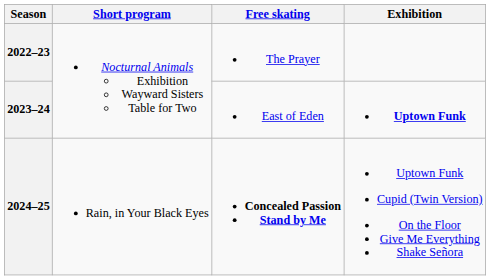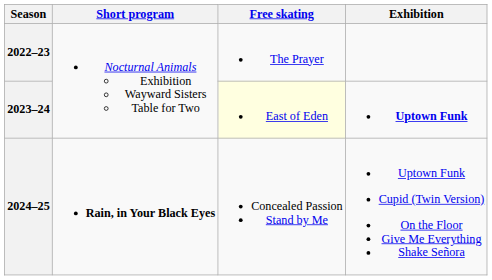 <table class="wikitable" style="text-align:center">
 <tr>
 <th>Season</th>
 <th><a href='#'>Short program</a></th>
 <th><a href='#'>Free skating</a></th>
 <th>Exhibition</th>
 </tr>
 <tr>
 <th>2022–23 <br> </th>
 <td rowspan=2><br><ul><li><em><a href='#'>Nocturnal Animals</a></em><ul><li>Exhibition</li><li>Wayward Sisters</li><li>Table for Two <br> </li></ul></li></ul></td>
 <td><br><ul><li><a href='#'>The Prayer</a> <br> </li></ul></td>
 <td></td>
 </tr>
 <tr>
 <th>2023–24 <br> </th>
-<td><br><ul><li><a href='#'>East of Eden</a> <br> </li></ul></td>
+<td style="background: lightyellow;"><br><ul><li><a href='#'>East of Eden</a> <br> </li></ul></td>
 <td><strong><br><ul><li><a href='#'>Uptown Funk</a> <br></li></ul></strong></td>
 </tr>
 <tr>
 <th>2024–25 <br> </th>
-<td><br><ul><li>Rain, in Your Black Eyes <br> </li></ul></td>
-<td><strong><br><ul><li>Concealed Passion <br></li><li><a href='#'>Stand by Me</a> <br> </li></ul></strong></td>
+<td><strong><br><ul><li>Rain, in Your Black Eyes <br> </li></ul></strong></td>
+<td><br><ul><li>Concealed Passion <br></li><li><a href='#'>Stand by Me</a> <br> </li></ul></td>
 <td><br><ul><li><a href='#'>Uptown Funk</a> <br></li></ul><ul><li><a href='#'>Cupid (Twin Version)</a> <br> </li></ul><ul><li><a href='#'>On the Floor</a> <br> </li><li><a href='#'>Give Me Everything</a> <br> </li><li><a href='#'>Shake Señora</a> <br> </li></ul></td>
 </tr>
 </table>
